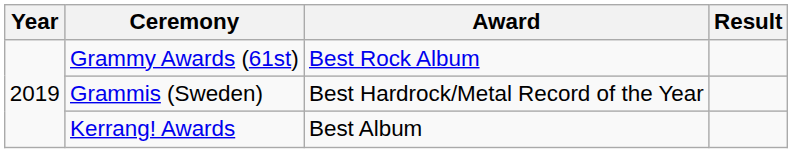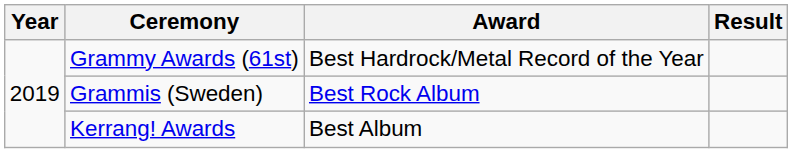 <table class="wikitable">
 <tr>
 <th>Year</th>
 <th>Ceremony</th>
 <th>Award</th>
 <th>Result</th>
 </tr>
 <tr>
 <td rowspan="3">2019</td>
 <td><a href='#'>Grammy Awards</a> (<a href='#'>61st</a>)</td>
-<td><a href='#'>Best Rock Album</a></td>
+<td>Best Hardrock/Metal Record of the Year</td>
 <td></td>
 </tr>
 <tr>
 <td><a href='#'>Grammis</a> (Sweden)</td>
-<td>Best Hardrock/Metal Record of the Year</td>
+<td><a href='#'>Best Rock Album</a></td>
 <td></td>
 </tr>
 <tr>
 <td><a href='#'>Kerrang! Awards</a></td>
 <td>Best Album</td>
 <td></td>
 </tr>
 </table>
